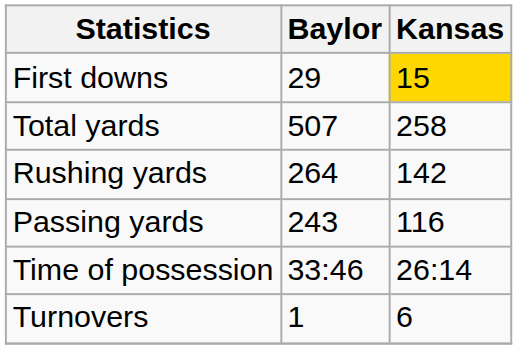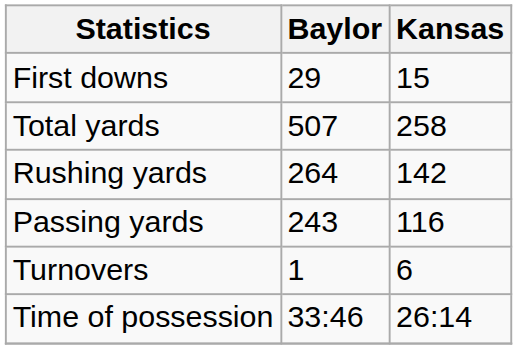 <table class="wikitable" style="float: right;">
 <tr>
 <th>Statistics</th>
 <th>Baylor</th>
 <th>Kansas</th>
 </tr>
 <tr>
 <td>First downs</td>
 <td>29</td>
-<td style="background: gold;">15</td>
+<td>15</td>
 </tr>
 <tr>
 <td>Total yards</td>
 <td>507</td>
 <td>258</td>
 </tr>
 <tr>
 <td>Rushing yards</td>
 <td>264</td>
 <td>142</td>
 </tr>
 <tr>
 <td>Passing yards</td>
 <td>243</td>
 <td>116</td>
 </tr>
 <tr>
+<td>Turnovers</td>
+<td>1</td>
+<td>6</td>
+</tr>
+<tr>
 <td>Time of possession</td>
 <td>33:46</td>
 <td>26:14</td>
 </tr>
 <tr>
-<td>Turnovers</td>
-<td>1</td>
-<td>6</td>
-</tr>
-<tr>
 </tr>
 </table>
